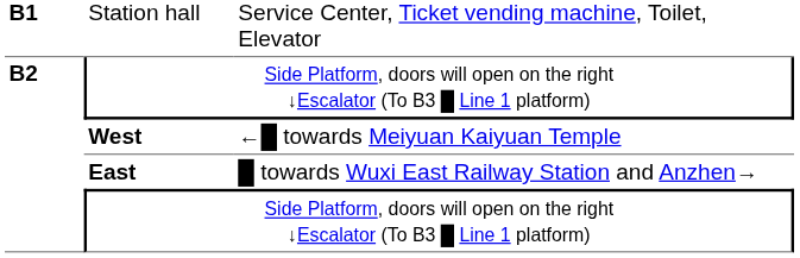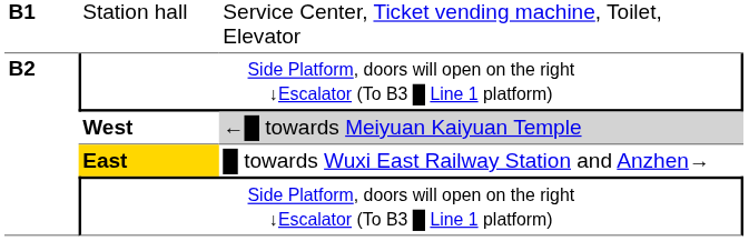 <table table border=0 cellspacing=0 cellpadding=3>
 <tr>
 <td style="border-bottom:solid 1px gray;border-top:solid 0px gray;" width=50 valign=top><strong>B1</strong></td>
 <td style="border-top:solid 0px gray;border-bottom:solid 1px gray;" width=100 valign=top>Station hall</td>
 <td style="border-top:solid 0px gray;border-bottom:solid 1px gray;" width=390 valign=top>Service Center, <a href='#'>Ticket vending machine</a>, Toilet, Elevator</td>
 </tr>
 <tr>
 <td style="border-bottom:solid 1px gray;" width=50 rowspan=8 valign=top><strong>B2</strong></td>
 </tr>
 <tr>
 <td style="border-right:solid 2px black;border-left:solid 2px black;border-bottom:solid 2px black;border-top:solid 0px gray;text-align:center;" colspan=2><small><a href='#'>Side Platform</a>, doors will open on the right<br>↓<a href='#'>Escalator</a> (To B3 <span>█</span> <a href='#'>Line 1</a> platform)</small></td>
 </tr>
 <tr>
 <td style="border-bottom:solid 1px gray;" width=100><strong>West</strong></td>
-<td style="border-bottom:solid 1px gray;" width=390>←<span>█</span> towards <a href='#'>Meiyuan Kaiyuan Temple</a></td>
+<td style="background: lightgrey; border-bottom:solid 1px gray;" width=390>←<span>█</span> towards <a href='#'>Meiyuan Kaiyuan Temple</a></td>
 </tr>
 <tr>
-<td><strong>East</strong></td>
+<td style="background: gold;"><strong>East</strong></td>
 <td><span>█</span> towards <a href='#'>Wuxi East Railway Station</a> and <a href='#'>Anzhen</a>→</td>
 </tr>
 <tr>
 <td style="border-top:solid 2px black;border-right:solid 2px black;border-left:solid 2px black;border-bottom:solid 1px gray;text-align:center;" colspan=2><small><a href='#'>Side Platform</a>, doors will open on the right<br>↓<a href='#'>Escalator</a> (To B3 <span>█</span> <a href='#'>Line 1</a> platform)</small></td>
 </tr>
 </table>
